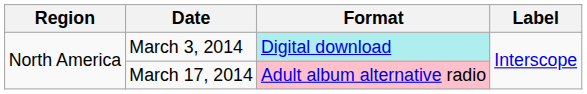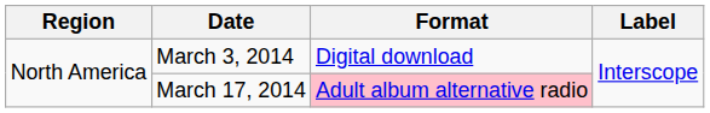 <table class="wikitable plainrowheaders">
 <tr>
 <th>Region</th>
 <th>Date</th>
 <th>Format</th>
 <th>Label</th>
 </tr>
 <tr>
 <td rowspan="2">North America</td>
 <td>March 3, 2014</td>
-<td style="background: paleturquoise;"><a href='#'>Digital download</a></td>
+<td><a href='#'>Digital download</a></td>
 <td rowspan="2"><a href='#'>Interscope</a></td>
 </tr>
 <tr>
 <td>March 17, 2014</td>
 <td style="background: pink;"><a href='#'>Adult album alternative</a> radio</td>
 </tr>
 </table>
